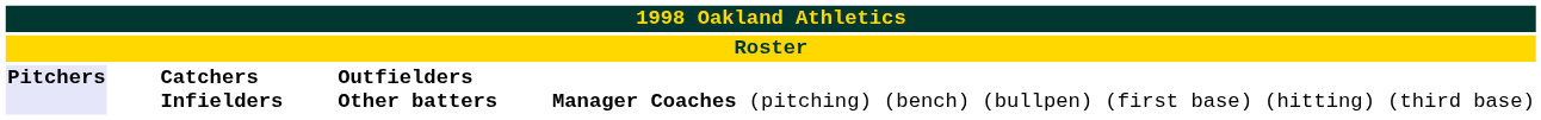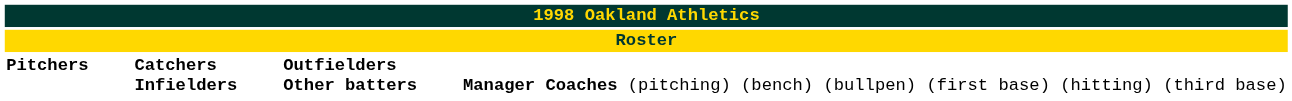 <table class="toccolours" style="font-size: 95%;">
 <tr>
 <th colspan="10" style="background-color: #003831; color: #FFD800; text-align: center;">1998 Oakland Athletics</th>
 </tr>
 <tr>
 <td colspan="10" style="background-color: #FFD800; color: #003831; text-align: center;"><strong>Roster</strong></td>
 </tr>
 <tr>
-<td valign="top" style="background: lavender;"><strong>Pitchers</strong><br>                  </td>
+<td valign="top"><strong>Pitchers</strong><br>                  </td>
 <td width="25px"></td>
 <td valign="top"><strong>Catchers</strong><br>   <strong>Infielders</strong>              </td>
 <td width="25px"></td>
 <td valign="top"><strong>Outfielders</strong><br>        <strong>Other batters</strong> </td>
 <td width="25px"></td>
 <td valign="top"><br><strong>Manager</strong>  <strong>Coaches</strong>  (pitching)  (bench)  (bullpen)  (first base)  (hitting)  (third base)</td>
 </tr>
 </table>
